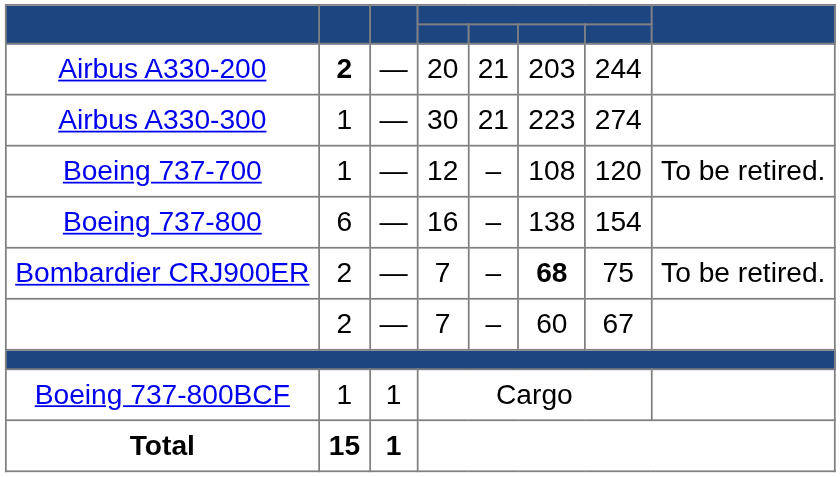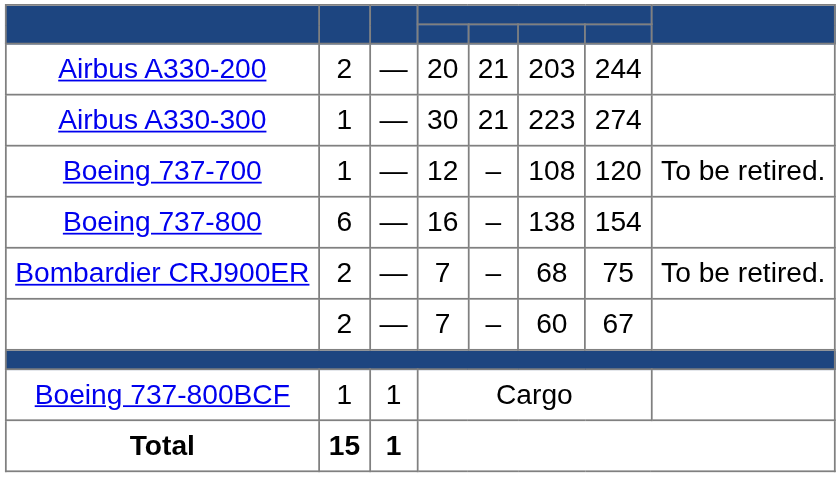 <table class="toccolours" border="1" cellpadding="5" style="border-collapse:collapse;text-align:center;margin:auto;">
 <tr bgcolor=#1d4580>
 <th rowspan="2"></th>
 <th rowspan="2"></th>
 <th rowspan="2"></th>
 <th colspan="4"></th>
 <th rowspan="2"></th>
 </tr>
 <tr bgcolor=#1d4580>
 <th><abbr></abbr></th>
 <th><abbr></abbr></th>
 <th><abbr></abbr></th>
 <th></th>
 </tr>
 <tr>
 <td><a href='#'>Airbus A330-200</a></td>
-<td><strong>2</strong></td>
+<td>2</td>
 <td>—</td>
 <td>20</td>
 <td>21</td>
 <td>203</td>
 <td>244</td>
 <td></td>
 </tr>
 <tr>
 <td><a href='#'>Airbus A330-300</a></td>
 <td>1</td>
 <td>—</td>
 <td>30</td>
 <td>21</td>
 <td>223</td>
 <td>274</td>
 <td></td>
 </tr>
 <tr>
 <td><a href='#'>Boeing 737-700</a></td>
 <td>1</td>
 <td>—</td>
 <td>12</td>
 <td>–</td>
 <td>108</td>
 <td>120</td>
 <td>To be retired.</td>
 </tr>
 <tr>
 <td><a href='#'>Boeing 737-800</a></td>
 <td>6</td>
 <td>—</td>
 <td>16</td>
 <td>–</td>
 <td>138</td>
 <td>154</td>
 <td></td>
 </tr>
 <tr>
 <td><a href='#'>Bombardier CRJ900ER</a></td>
 <td>2</td>
 <td>—</td>
 <td>7</td>
 <td>–</td>
-<td><strong>68</strong></td>
+<td>68</td>
 <td>75</td>
 <td>To be retired.</td>
 </tr>
 <tr>
 <td></td>
 <td>2</td>
 <td>—</td>
 <td>7</td>
 <td>–</td>
 <td>60</td>
 <td>67</td>
 <td></td>
 </tr>
 <tr bgcolor=#1d4580>
 <th colspan="8"></th>
 </tr>
 <tr>
 <td><a href='#'>Boeing 737-800BCF</a></td>
 <td>1</td>
 <td>1</td>
 <td colspan="4"><abbr>Cargo</abbr></td>
 <td></td>
 </tr>
 <tr>
 <th>Total</th>
 <th>15</th>
 <th>1</th>
 <th colspan="5"></th>
 </tr>
 </table>
